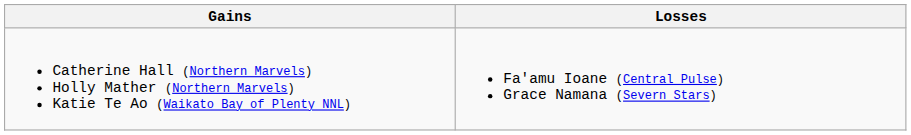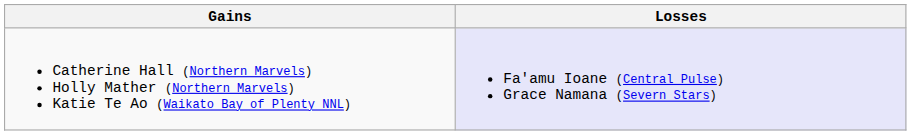 <table class=wikitable>
 <tr>
 <th width=400> Gains</th>
 <th width=400> Losses</th>
 </tr>
 <tr>
 <td><br><ul><li>Catherine Hall <small>(<a href='#'>Northern Marvels</a>)</small></li><li>Holly Mather <small>(<a href='#'>Northern Marvels</a>)</small></li><li>Katie Te Ao <small>(<a href='#'>Waikato Bay of Plenty NNL</a>)</small></li></ul></td>
-<td><br><ul><li>Fa'amu Ioane <small>(<a href='#'>Central Pulse</a>)</small></li><li>Grace Namana  <small>(<a href='#'>Severn Stars</a>)</small></li></ul></td>
+<td style="background: lavender;"><br><ul><li>Fa'amu Ioane <small>(<a href='#'>Central Pulse</a>)</small></li><li>Grace Namana  <small>(<a href='#'>Severn Stars</a>)</small></li></ul></td>
 </tr>
 </table>
